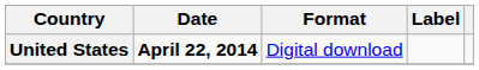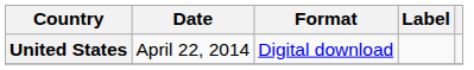 <table class="wikitable plainrowheaders" border="1">
 <tr>
 <th scope="col">Country</th>
 <th scope="col">Date</th>
 <th scope="col">Format</th>
 <th scope="col">Label</th>
 <th scope="col"></th>
 </tr>
 <tr>
 <th scope="row">United States</th>
-<td><strong>April 22, 2014</strong></td>
+<td>April 22, 2014</td>
 <td><a href='#'>Digital download</a></td>
 <td></td>
 <td align="center"></td>
 </tr>
 <tr>
 </tr>
 </table>
